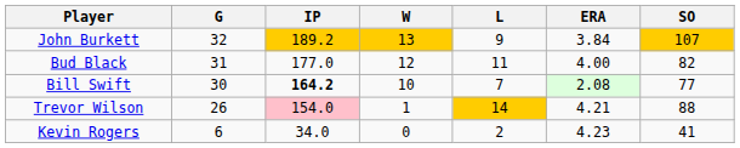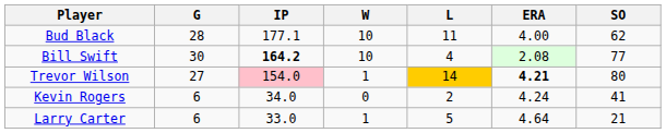 <table class="wikitable sortable">
 <tr>
 <th bgcolor="#DDDDFF" width="16%">Player</th>
 <th bgcolor="#DDDDFF" width="9%">G</th>
 <th bgcolor="#DDDDFF" width="9%">IP</th>
 <th bgcolor="#DDDDFF" width="9%">W</th>
 <th bgcolor="#DDDDFF" width="9%">L</th>
 <th bgcolor="#DDDDFF" width="9%">ERA</th>
 <th bgcolor="#DDDDFF" width="9%">SO</th>
 </tr>
-<tr align="center">
-<td><a href='#'>John Burkett</a></td>
-<td>32</td>
-<td style="background:#fc0;">189.2</td>
-<td style="background:#fc0;">13</td>
-<td>9</td>
-<td>3.84</td>
-<td style="background:#fc0;">107</td>
-</tr>
 <tr align=center>
 <td><a href='#'>Bud Black</a></td>
-<td>31</td>
-<td>177.0</td>
-<td>12</td>
+<td>28</td>
+<td>177.1</td>
+<td>10</td>
 <td>11</td>
 <td>4.00</td>
-<td>82</td>
+<td>62</td>
 </tr>
 <tr align=center>
 <td><a href='#'>Bill Swift</a></td>
 <td>30</td>
 <td><strong>164.2</strong></td>
 <td>10</td>
-<td>7</td>
+<td>4</td>
 <td style="background:#DDFFDD;">2.08</td>
 <td>77</td>
 </tr>
 <tr align=center>
 <td><a href='#'>Trevor Wilson</a></td>
-<td>26</td>
+<td>27</td>
 <td style="background: pink;">154.0</td>
 <td>1</td>
 <td style="background:#fc0;">14</td>
-<td>4.21</td>
-<td>88</td>
+<td><strong>4.21</strong></td>
+<td>80</td>
 </tr>
 <tr align=center>
 <td><a href='#'>Kevin Rogers</a></td>
 <td>6</td>
 <td>34.0</td>
 <td>0</td>
 <td>2</td>
-<td>4.23</td>
+<td>4.24</td>
 <td>41</td>
 </tr>
+<tr align=center>
+<td><a href='#'>Larry Carter</a></td>
+<td>6</td>
+<td>33.0</td>
+<td>1</td>
+<td>5</td>
+<td>4.64</td>
+<td>21</td>
+</tr>
 </table>
